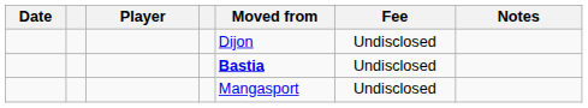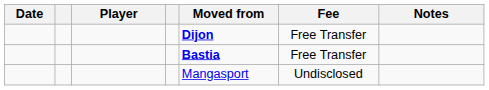 <table class="wikitable sortable">
 <tr>
 <th style="width:80px;">Date</th>
 <th style="width:30px;"></th>
 <th style="width:180px;">Player</th>
 <th style="width:20px;"></th>
 <th style="width:155px;">Moved from</th>
 <th style="width:155px;" class="unsortable">Fee</th>
 <th style="width:215px;" class="unsortable">Notes</th>
 </tr>
 <tr>
 <td></td>
 <td align=center></td>
 <td> </td>
 <td></td>
-<td> <a href='#'>Dijon</a></td>
-<td align=center>Undisclosed</td>
+<td><strong> <a href='#'>Dijon</a></strong></td>
+<td align=center>Free Transfer</td>
 <td align=center></td>
 </tr>
 <tr>
 <td></td>
 <td align=center></td>
 <td> </td>
 <td></td>
 <td><strong> <a href='#'>Bastia</a></strong></td>
-<td align=center>Undisclosed</td>
+<td align=center>Free Transfer</td>
 <td align=center></td>
 </tr>
 <tr>
 <td></td>
 <td align=center></td>
 <td> </td>
 <td></td>
 <td> <a href='#'>Mangasport</a></td>
 <td align=center>Undisclosed</td>
 <td align=center></td>
 </tr>
 </table>
